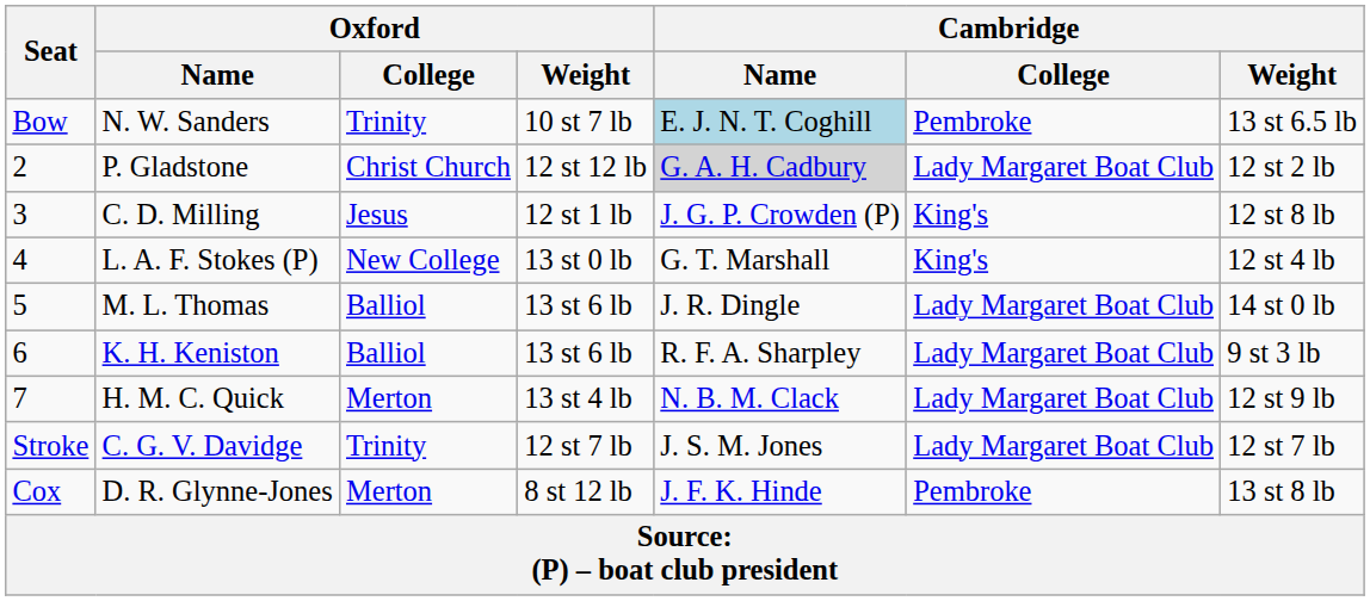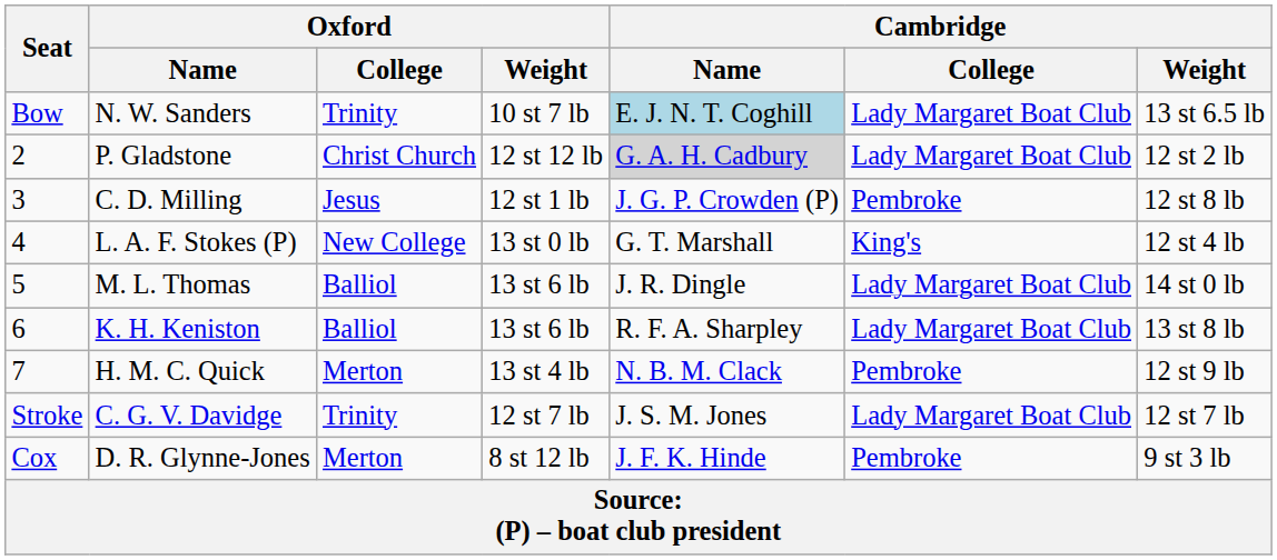 <table class="wikitable">
 <tr>
 <th rowspan="2" scope="col">Seat</th>
 <th colspan="3" scope="col">Oxford <br> </th>
 <th colspan="3" scope="col">Cambridge <br> </th>
 </tr>
 <tr>
 <th>Name</th>
 <th>College</th>
 <th>Weight</th>
 <th>Name</th>
 <th>College</th>
 <th>Weight</th>
 </tr>
 <tr>
 <td><a href='#'>Bow</a></td>
 <td>N. W. Sanders</td>
 <td><a href='#'>Trinity</a></td>
 <td>10 st 7 lb</td>
 <td style="background: lightblue;">E. J. N. T. Coghill</td>
-<td><a href='#'>Pembroke</a></td>
+<td><a href='#'>Lady Margaret Boat Club</a></td>
 <td>13 st 6.5 lb</td>
 </tr>
 <tr>
 <td>2</td>
 <td>P. Gladstone</td>
 <td><a href='#'>Christ Church</a></td>
 <td>12 st 12 lb</td>
 <td style="background: lightgrey;"><a href='#'>G. A. H. Cadbury</a></td>
 <td><a href='#'>Lady Margaret Boat Club</a></td>
 <td>12 st 2 lb</td>
 </tr>
 <tr>
 <td>3</td>
 <td>C. D. Milling</td>
 <td><a href='#'>Jesus</a></td>
 <td>12 st 1 lb</td>
 <td><a href='#'>J. G. P. Crowden</a> (P)</td>
-<td><a href='#'>King's</a></td>
+<td><a href='#'>Pembroke</a></td>
 <td>12 st 8 lb</td>
 </tr>
 <tr>
 <td>4</td>
 <td>L. A. F. Stokes (P)</td>
 <td><a href='#'>New College</a></td>
 <td>13 st 0 lb</td>
 <td>G. T. Marshall</td>
 <td><a href='#'>King's</a></td>
 <td>12 st 4 lb</td>
 </tr>
 <tr>
 <td>5</td>
 <td>M. L. Thomas</td>
 <td><a href='#'>Balliol</a></td>
 <td>13 st 6 lb</td>
 <td>J. R. Dingle</td>
 <td><a href='#'>Lady Margaret Boat Club</a></td>
 <td>14 st 0 lb</td>
 </tr>
 <tr>
 <td>6</td>
 <td><a href='#'>K. H. Keniston</a></td>
 <td><a href='#'>Balliol</a></td>
 <td>13 st 6 lb</td>
 <td>R. F. A. Sharpley</td>
 <td><a href='#'>Lady Margaret Boat Club</a></td>
-<td>9 st 3 lb</td>
+<td>13 st 8 lb</td>
 </tr>
 <tr>
 <td>7</td>
 <td>H. M. C. Quick</td>
 <td><a href='#'>Merton</a></td>
 <td>13 st 4 lb</td>
 <td><a href='#'>N. B. M. Clack</a></td>
-<td><a href='#'>Lady Margaret Boat Club</a></td>
+<td><a href='#'>Pembroke</a></td>
 <td>12 st 9 lb</td>
 </tr>
 <tr>
 <td><a href='#'>Stroke</a></td>
 <td><a href='#'>C. G. V. Davidge</a></td>
 <td><a href='#'>Trinity</a></td>
 <td>12 st 7 lb</td>
 <td>J. S. M. Jones</td>
 <td><a href='#'>Lady Margaret Boat Club</a></td>
 <td>12 st 7 lb</td>
 </tr>
 <tr>
 <td><a href='#'>Cox</a></td>
 <td>D. R. Glynne-Jones</td>
 <td><a href='#'>Merton</a></td>
 <td>8 st 12 lb</td>
 <td><a href='#'>J. F. K. Hinde</a></td>
 <td><a href='#'>Pembroke</a></td>
-<td>13 st 8 lb</td>
+<td>9 st 3 lb</td>
 </tr>
 <tr>
 <th colspan="7">Source:<br>(P) – boat club president</th>
 </tr>
 </table>
